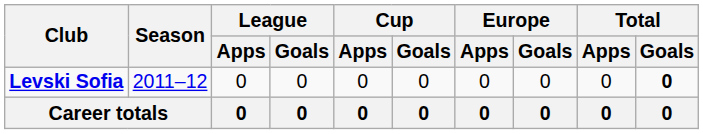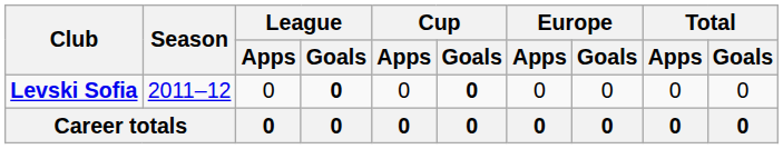 <table class="wikitable" style="font-size:90%; text-align: center;">
 <tr>
 <th rowspan="2">Club</th>
 <th rowspan="2">Season</th>
 <th colspan="2">League</th>
 <th colspan="2">Cup</th>
 <th colspan="2">Europe</th>
 <th colspan="2">Total</th>
 </tr>
 <tr>
 <th>Apps</th>
 <th>Goals</th>
 <th>Apps</th>
 <th>Goals</th>
 <th>Apps</th>
 <th>Goals</th>
 <th>Apps</th>
 <th>Goals</th>
 </tr>
 <tr>
 <td rowspan="1" valign="center"><strong><a href='#'>Levski Sofia</a></strong></td>
 <td><a href='#'>2011–12</a></td>
 <td>0</td>
+<td><strong>0</strong></td>
+<td>0</td>
+<td><strong>0</strong></td>
 <td>0</td>
 <td>0</td>
 <td>0</td>
 <td>0</td>
-<td>0</td>
-<td>0</td>
-<td><strong>0</strong></td>
 </tr>
 <tr>
 <th colspan="2">Career totals</th>
 <th>0</th>
 <th>0</th>
 <th>0</th>
 <th>0</th>
 <th>0</th>
 <th>0</th>
 <th>0</th>
 <th>0</th>
 </tr>
 </table>
